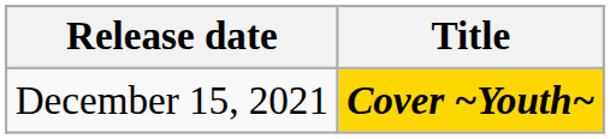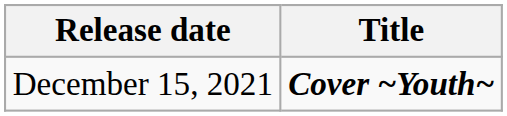 <table class="wikitable" border="1">
 <tr>
 <th>Release date</th>
 <th>Title</th>
 </tr>
 <tr>
 <td>December 15, 2021</td>
-<td style="background: gold;"><strong><em>Cover ~Youth~</em></strong></td>
+<td><strong><em>Cover ~Youth~</em></strong></td>
 </tr>
 </table>
